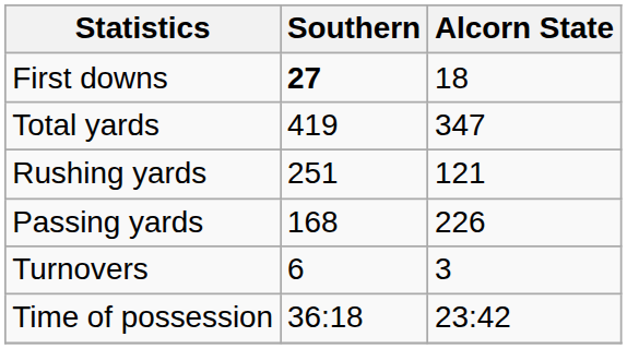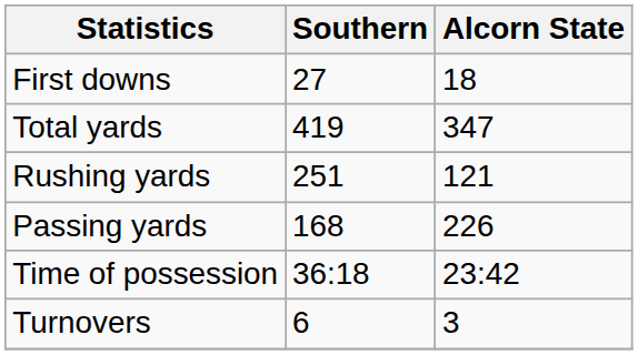 <table class="wikitable">
 <tr>
 <th>Statistics</th>
 <th>Southern</th>
 <th>Alcorn State</th>
 </tr>
 <tr>
 <td>First downs</td>
-<td><strong>27</strong></td>
+<td>27</td>
 <td>18</td>
 </tr>
 <tr>
 <td>Total yards</td>
 <td>419</td>
 <td>347</td>
 </tr>
 <tr>
 <td>Rushing yards</td>
 <td>251</td>
 <td>121</td>
 </tr>
 <tr>
 <td>Passing yards</td>
 <td>168</td>
 <td>226</td>
 </tr>
 <tr>
+<td>Time of possession</td>
+<td>36:18</td>
+<td>23:42</td>
+</tr>
+<tr>
 <td>Turnovers</td>
 <td>6</td>
 <td>3</td>
 </tr>
 <tr>
-<td>Time of possession</td>
-<td>36:18</td>
-<td>23:42</td>
-</tr>
-<tr>
 </tr>
 </table>
